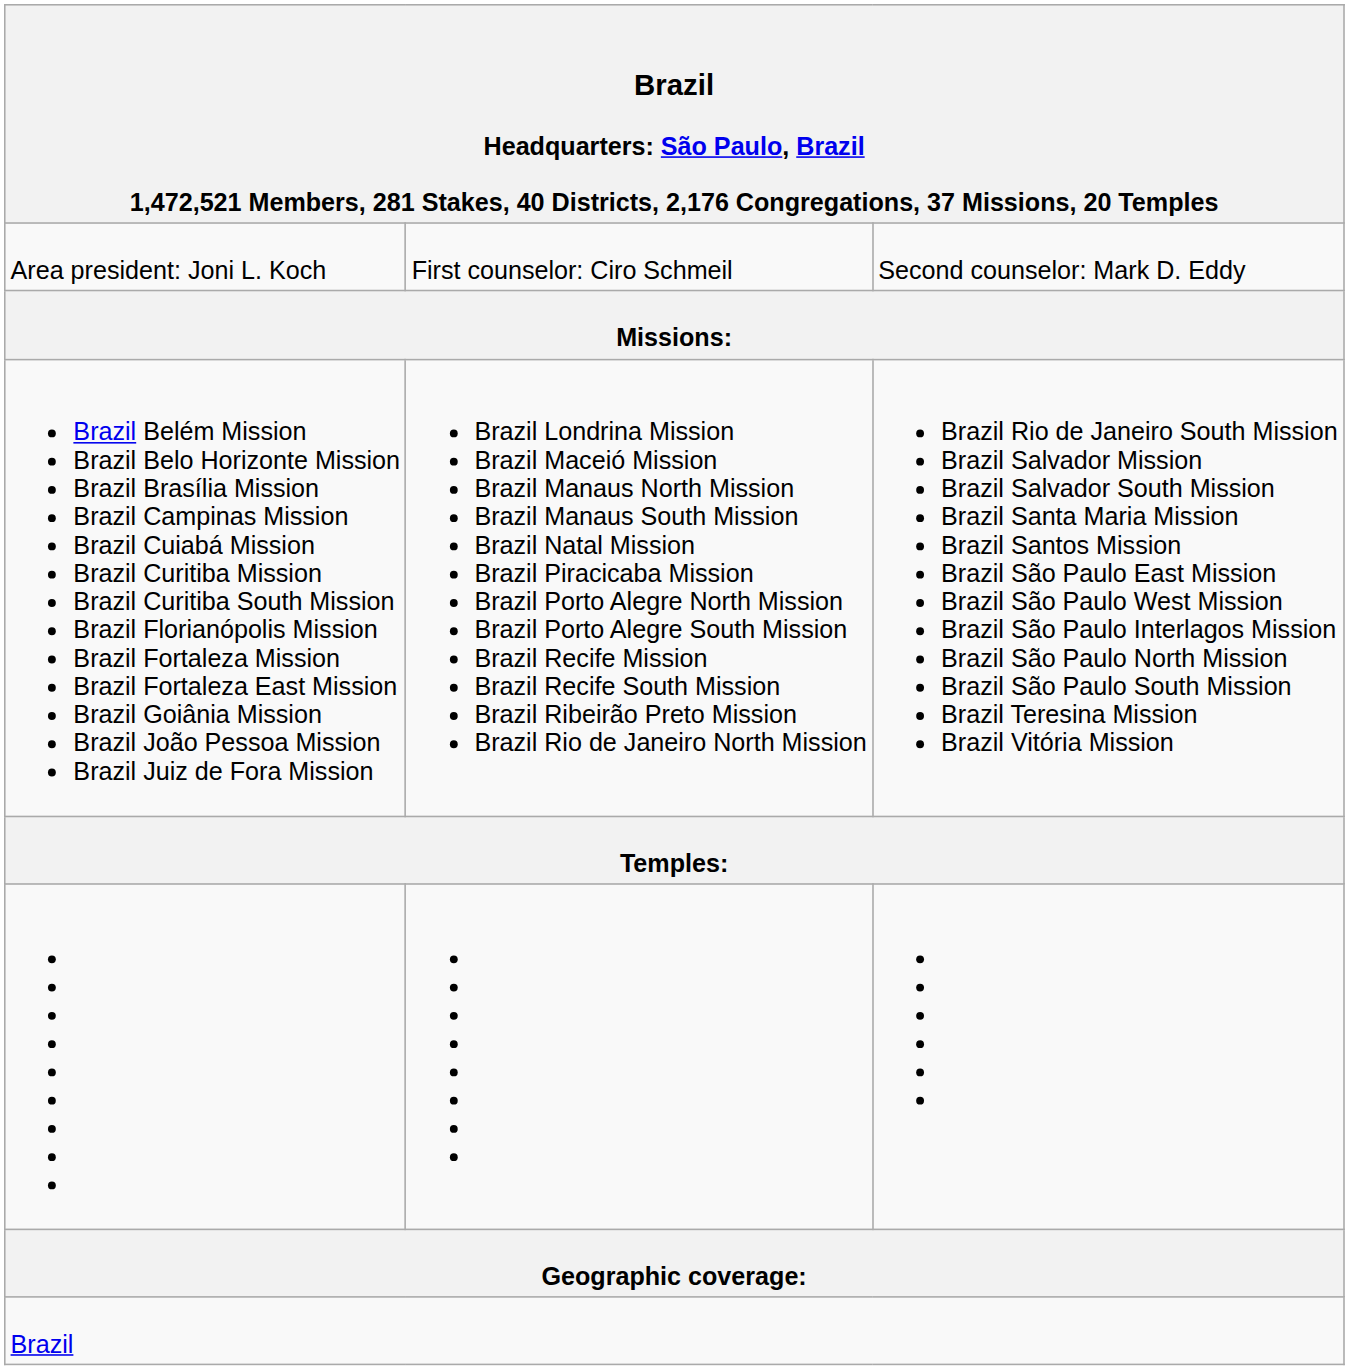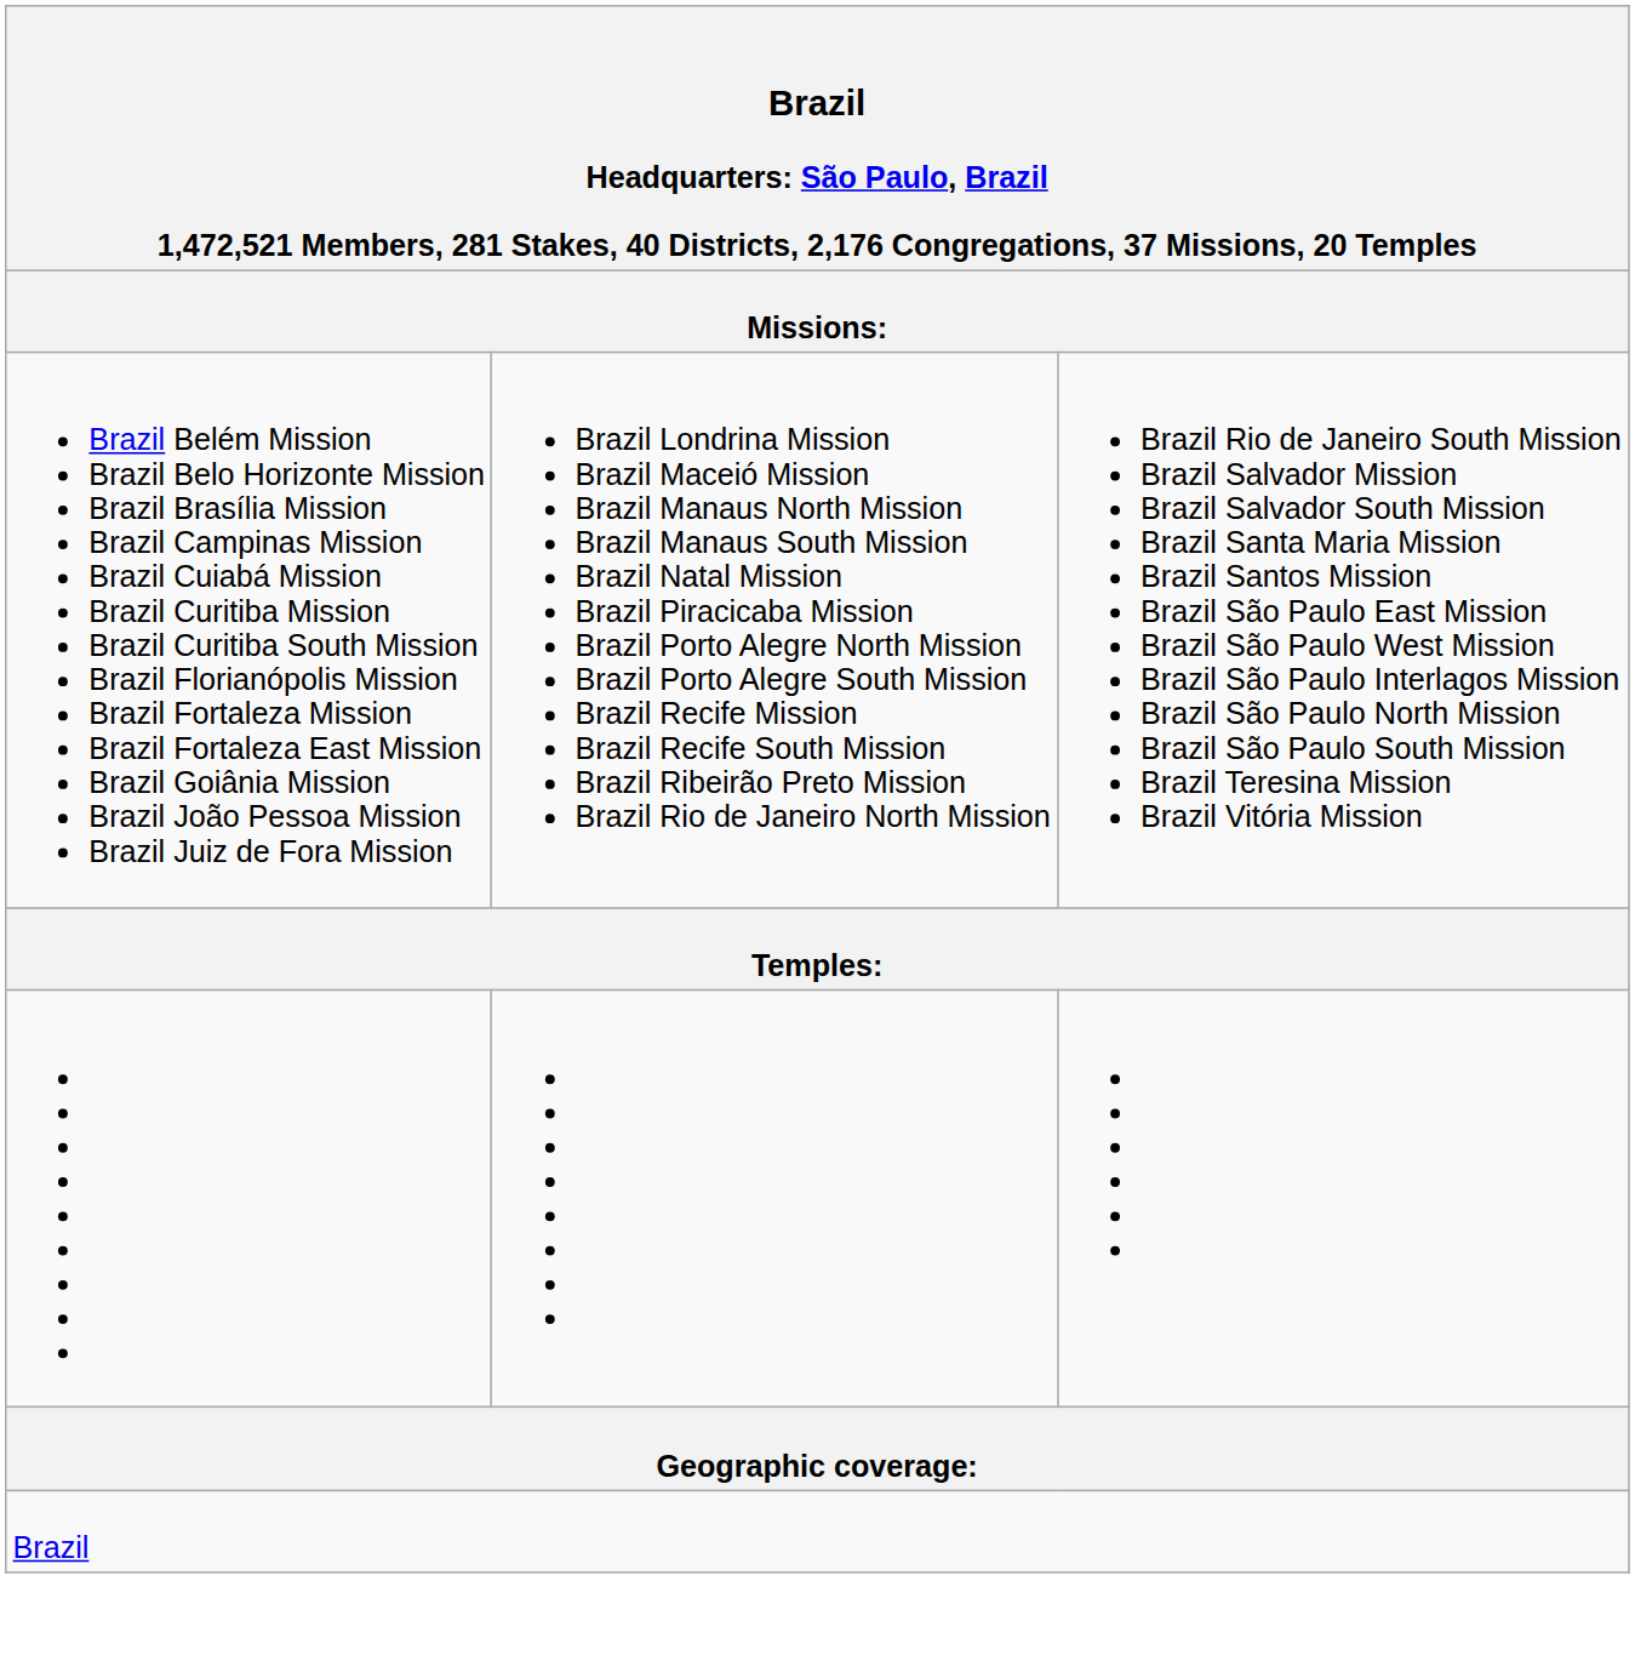 <table class=wikitable>
 <tr>
 <th colspan=3><br><h3>Brazil</h3>Headquarters: <a href='#'>São Paulo</a>, <a href='#'>Brazil</a><br><br>1,472,521 Members, 281 Stakes, 40 Districts, 2,176 Congregations, 37 Missions, 20 Temples</th>
-</tr>
-<tr>
-<td style="vertical-align:top"><br>Area president: Joni L. Koch</td>
-<td style="vertical-align:top"><br>First counselor: Ciro Schmeil</td>
-<td style="vertical-align:top"><br>Second counselor: Mark D. Eddy</td>
 </tr>
 <tr>
 <th colspan=3><br>Missions:</th>
 </tr>
 <tr>
 <td style="vertical-align:top"><br><ul><li><a href='#'>Brazil</a> Belém Mission</li><li>Brazil Belo Horizonte Mission</li><li>Brazil Brasília Mission</li><li>Brazil Campinas Mission</li><li>Brazil Cuiabá Mission</li><li>Brazil Curitiba Mission</li><li>Brazil Curitiba South Mission</li><li>Brazil Florianópolis Mission</li><li>Brazil Fortaleza Mission</li><li>Brazil Fortaleza East Mission</li><li>Brazil Goiânia Mission</li><li>Brazil João Pessoa Mission</li><li>Brazil Juiz de Fora Mission</li></ul></td>
 <td style="vertical-align:top"><br><ul><li>Brazil Londrina Mission</li><li>Brazil Maceió Mission</li><li>Brazil Manaus North Mission</li><li>Brazil Manaus South Mission</li><li>Brazil Natal Mission</li><li>Brazil Piracicaba Mission</li><li>Brazil Porto Alegre North Mission</li><li>Brazil Porto Alegre South Mission</li><li>Brazil Recife Mission</li><li>Brazil Recife South Mission</li><li>Brazil Ribeirão Preto Mission</li><li>Brazil Rio de Janeiro North Mission</li></ul></td>
 <td style="vertical-align:top"><br><ul><li>Brazil Rio de Janeiro South Mission</li><li>Brazil Salvador Mission</li><li>Brazil Salvador South Mission</li><li>Brazil Santa Maria Mission</li><li>Brazil Santos Mission</li><li>Brazil São Paulo East Mission</li><li>Brazil São Paulo West Mission</li><li>Brazil São Paulo Interlagos Mission</li><li>Brazil São Paulo North Mission</li><li>Brazil São Paulo South Mission</li><li>Brazil Teresina Mission</li><li>Brazil Vitória Mission</li></ul></td>
 </tr>
 <tr>
 <th colspan=3><br>Temples:</th>
 </tr>
 <tr>
 <td style="vertical-align:top"><br><ul><li></li><li></li><li></li><li></li><li></li><li></li><li></li><li></li><li></li></ul></td>
 <td style="vertical-align:top"><br><ul><li></li><li></li><li></li><li></li><li></li><li></li><li></li><li></li></ul></td>
 <td style="vertical-align:top"><br><ul><li></li><li></li><li></li><li></li><li></li><li></li></ul></td>
 </tr>
 <tr>
 <th colspan=3><br>Geographic coverage:</th>
 </tr>
 <tr>
 <td style="vertical-align:top" colspan=3><br><a href='#'>Brazil</a></td>
 </tr>
 </table>
